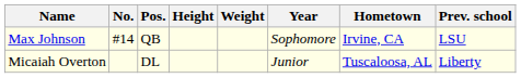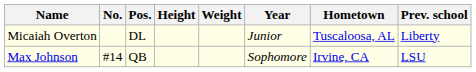 <table class="wikitable sortable">
 <tr>
 <th>Name</th>
 <th>No.</th>
 <th>Pos.</th>
 <th>Height</th>
 <th>Weight</th>
 <th>Year</th>
 <th>Hometown</th>
 <th class="unsortable">Prev. school</th>
 </tr>
 <tr style="background:#FFFFE6;">
+<td>Micaiah Overton</td>
+<td></td>
+<td>DL</td>
+<td></td>
+<td></td>
+<td><em> Junior</em></td>
+<td><a href='#'>Tuscaloosa, AL</a></td>
+<td><a href='#'>Liberty</a></td>
+</tr>
+<tr style="background:#FFFFE6;">
 <td><a href='#'>Max Johnson</a></td>
 <td>#14</td>
 <td>QB</td>
 <td></td>
 <td></td>
 <td><em>Sophomore</em></td>
 <td><a href='#'>Irvine, CA</a></td>
 <td><a href='#'>LSU</a></td>
 </tr>
-<tr style="background:#FFFFE6;">
-<td>Micaiah Overton</td>
-<td></td>
-<td>DL</td>
-<td></td>
-<td></td>
-<td><em> Junior</em></td>
-<td><a href='#'>Tuscaloosa, AL</a></td>
-<td><a href='#'>Liberty</a></td>
-</tr>
 </table>
